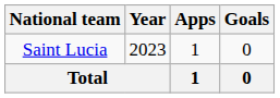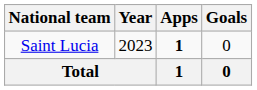 <table class="wikitable" style="text-align: center;">
 <tr>
 <th>National team</th>
 <th>Year</th>
 <th>Apps</th>
 <th>Goals</th>
 </tr>
 <tr>
 <td rowspan="1"><a href='#'>Saint Lucia</a></td>
 <td>2023</td>
-<td>1</td>
+<td><strong>1</strong></td>
 <td>0</td>
 </tr>
 <tr>
 <th colspan="2">Total</th>
 <th>1</th>
 <th>0</th>
 </tr>
 </table>
